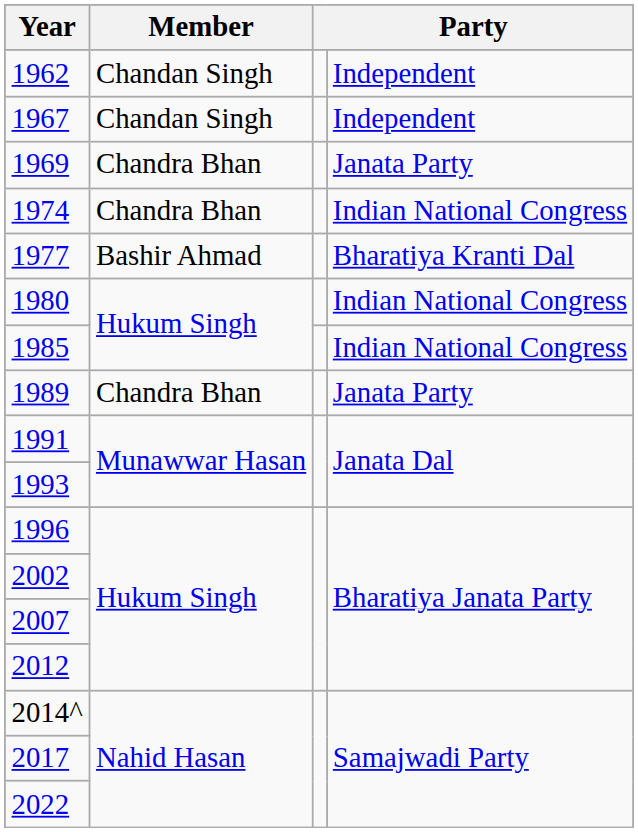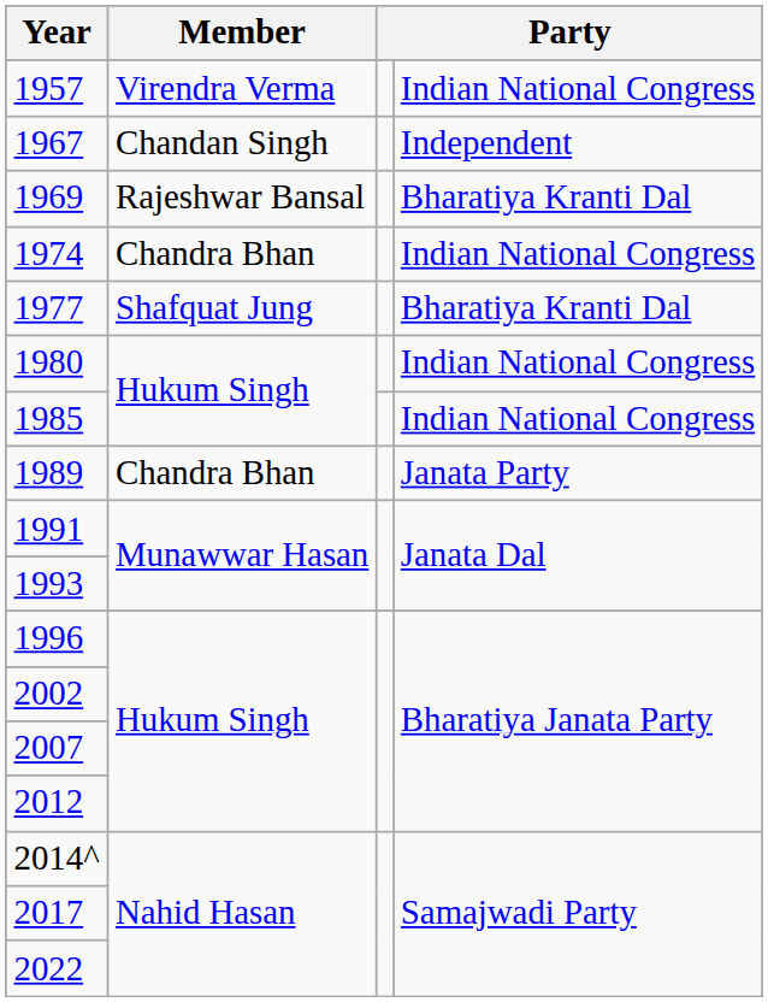 <table class="wikitable">
 <tr>
 <th>Year</th>
 <th>Member</th>
 <th colspan="2">Party</th>
 </tr>
 <tr>
-<td><a href='#'>1962</a></td>
-<td>Chandan Singh</td>
+<td><a href='#'>1957</a></td>
+<td><a href='#'>Virendra Verma</a></td>
 <td style="background-color: "></td>
-<td><a href='#'>Independent</a></td>
+<td><a href='#'>Indian National Congress</a></td>
 </tr>
 <tr>
 <td><a href='#'>1967</a></td>
 <td>Chandan Singh</td>
 <td style="background-color: "></td>
 <td><a href='#'>Independent</a></td>
 </tr>
 <tr>
 <td><a href='#'>1969</a></td>
-<td>Chandra Bhan</td>
+<td>Rajeshwar Bansal</td>
 <td style="background-color: "></td>
-<td><a href='#'>Janata Party</a></td>
+<td><a href='#'>Bharatiya Kranti Dal</a></td>
 </tr>
 <tr>
 <td><a href='#'>1974</a></td>
 <td>Chandra Bhan</td>
 <td style="background-color: "></td>
 <td><a href='#'>Indian National Congress</a></td>
 </tr>
 <tr>
 <td><a href='#'>1977</a></td>
-<td>Bashir Ahmad</td>
+<td><a href='#'>Shafquat Jung</a></td>
 <td style="background-color: "></td>
 <td><a href='#'>Bharatiya Kranti Dal</a></td>
 </tr>
 <tr>
 <td><a href='#'>1980</a></td>
 <td rowspan="2"><a href='#'>Hukum Singh</a></td>
 <td style="background-color: "></td>
 <td><a href='#'>Indian National Congress</a></td>
 </tr>
 <tr>
 <td><a href='#'>1985</a></td>
 <td style="background-color: "></td>
 <td><a href='#'>Indian National Congress</a></td>
 </tr>
 <tr>
 <td><a href='#'>1989</a></td>
 <td>Chandra Bhan</td>
 <td style="background-color: "></td>
 <td><a href='#'>Janata Party</a></td>
 </tr>
 <tr>
 <td><a href='#'>1991</a></td>
 <td rowspan="2"><a href='#'>Munawwar Hasan</a></td>
 <td rowspan="2" style="background-color: "></td>
 <td rowspan="2"><a href='#'>Janata Dal</a></td>
 </tr>
 <tr>
 <td><a href='#'>1993</a></td>
 </tr>
 <tr>
 <td><a href='#'>1996</a></td>
 <td rowspan="4"><a href='#'>Hukum Singh</a></td>
 <td rowspan="4" style="background-color: "></td>
 <td rowspan="4"><a href='#'>Bharatiya Janata Party</a></td>
 </tr>
 <tr>
 <td><a href='#'>2002</a></td>
 </tr>
 <tr>
 <td><a href='#'>2007</a></td>
 </tr>
 <tr>
 <td><a href='#'>2012</a></td>
 </tr>
 <tr>
 <td>2014^</td>
 <td rowspan="3"><a href='#'>Nahid Hasan</a></td>
 <td rowspan="3" style="background-color: "></td>
 <td rowspan="3"><a href='#'>Samajwadi Party</a></td>
 </tr>
 <tr>
 <td><a href='#'>2017</a></td>
 </tr>
 <tr>
 <td><a href='#'>2022</a></td>
 </tr>
 </table>
